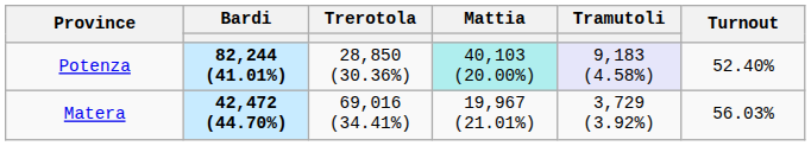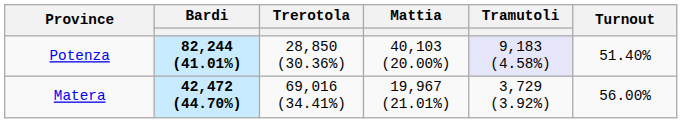 <table class="wikitable" style="text-align:center;font-size:85%;line-height:13px">
 <tr>
 <th rowspan="2" style="width:110px;">Province</th>
 <th style="width:75px;">Bardi</th>
 <th style="width:75px;">Trerotola</th>
 <th style="width:75px;">Mattia</th>
 <th style="width:75px;">Tramutoli</th>
 <th rowspan="2" style="width:75px;">Turnout</th>
 </tr>
 <tr>
 <th style="background:"></th>
 <th style="background:"></th>
 <th style="background:"></th>
 <th style="background:"></th>
 </tr>
 <tr>
 <td><a href='#'>Potenza</a></td>
 <td style="background:#C8EBFF"><strong>82,244</strong><br><strong>(41.01%)</strong></td>
 <td>28,850<br>(30.36%)</td>
-<td style="background: paleturquoise;">40,103<br>(20.00%)</td>
+<td>40,103<br>(20.00%)</td>
 <td style="background: lavender;">9,183<br>(4.58%)</td>
-<td>52.40%</td>
+<td>51.40%</td>
 </tr>
 <tr>
 <td><a href='#'>Matera</a></td>
 <td style="background:#C8EBFF"><strong>42,472</strong><br><strong>(44.70%)</strong></td>
 <td>69,016<br>(34.41%)</td>
 <td>19,967<br>(21.01%)</td>
 <td>3,729<br>(3.92%)</td>
-<td>56.03%</td>
+<td>56.00%</td>
 </tr>
 </table>
